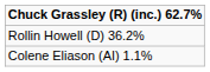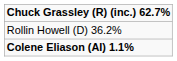 <table class="wikitable">
 <tr>
 <td><strong>Chuck Grassley (R) (inc.) 62.7%</strong></td>
 </tr>
 <tr>
 <td>Rollin Howell (D) 36.2%</td>
 </tr>
 <tr>
-<td>Colene Eliason (AI) 1.1%</td>
+<td><strong>Colene Eliason (AI) 1.1%</strong></td>
 </tr>
 </table>
